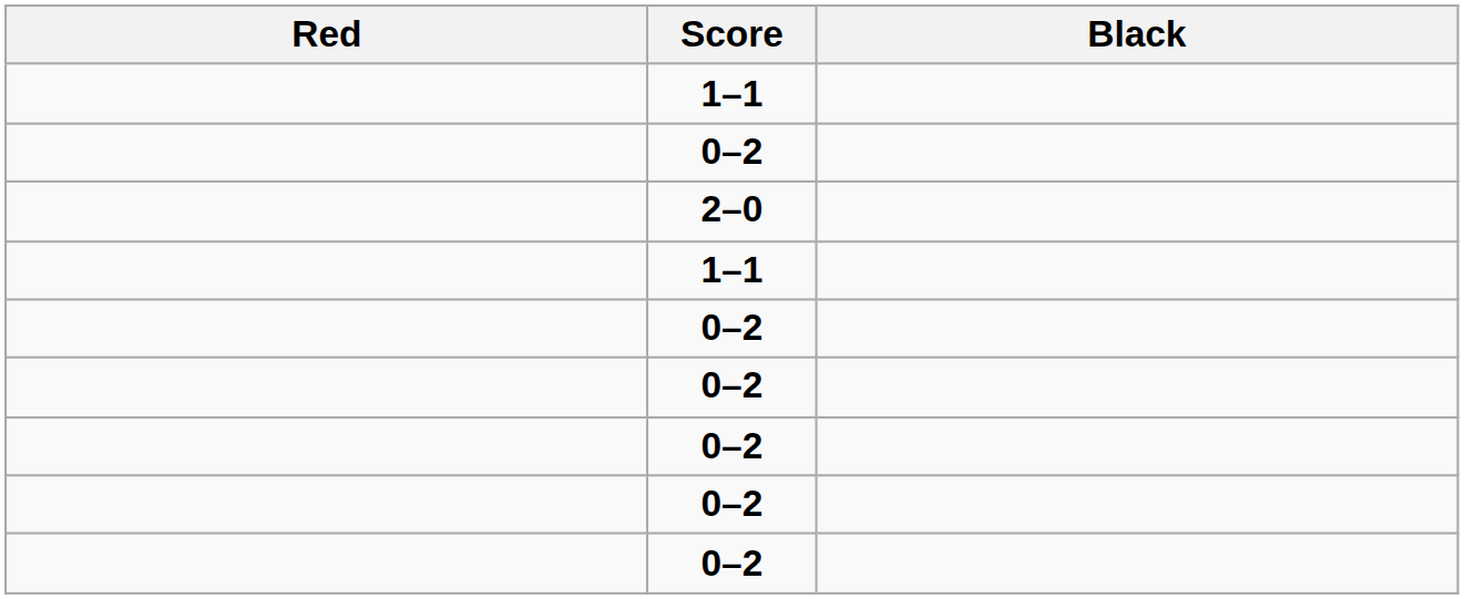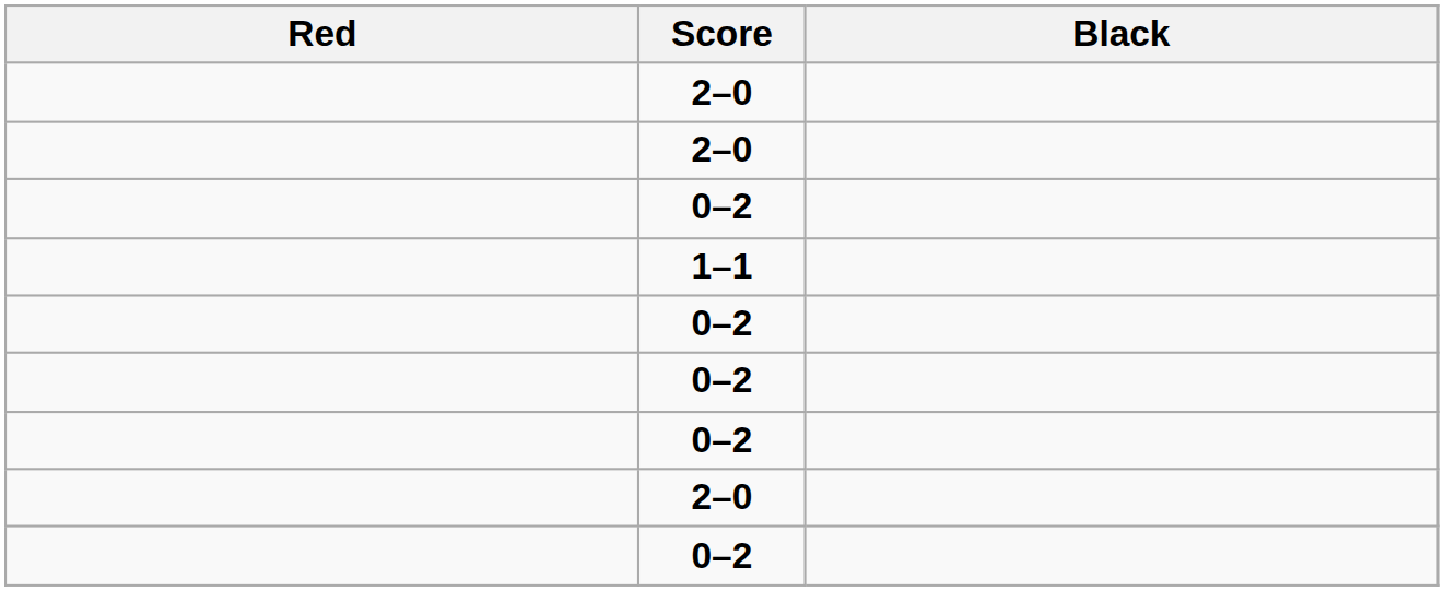 <table class="wikitable" style="text-align: center;">
 <tr>
 <th align="right" width="270">Red</th>
 <th width="65">Score</th>
 <th align="left" width="270">Black</th>
 </tr>
 <tr>
 <td align=left></td>
-<td align=center><strong>1–1</strong></td>
+<td align=center><strong>2–0</strong></td>
 <td align=left></td>
 </tr>
 <tr>
 <td align=left><strong></strong></td>
-<td align=center><strong>0–2</strong></td>
+<td align=center><strong>2–0</strong></td>
 <td align=left></td>
 </tr>
 <tr>
 <td align=left></td>
-<td align=center><strong>2–0</strong></td>
+<td align=center><strong>0–2</strong></td>
 <td align=left><strong></strong></td>
 </tr>
 <tr>
 <td align=left></td>
 <td align=center><strong>1–1</strong></td>
 <td align=left></td>
 </tr>
 <tr>
 <td align=left></td>
 <td align=center><strong>0–2</strong></td>
 <td align=left><strong></strong></td>
 </tr>
 <tr>
 <td align=left></td>
 <td align=center><strong>0–2</strong></td>
 <td align=left><strong></strong></td>
 </tr>
 <tr>
 <td align=left></td>
 <td align=center><strong>0–2</strong></td>
 <td align=left><strong></strong></td>
 </tr>
 <tr>
 <td align=left><strong></strong></td>
-<td align=center><strong>0–2</strong></td>
+<td align=center><strong>2–0</strong></td>
 <td align=left></td>
 </tr>
 <tr>
 <td align=left></td>
 <td align=center><strong>0–2</strong></td>
 <td align=left><strong></strong></td>
 </tr>
 </table>
